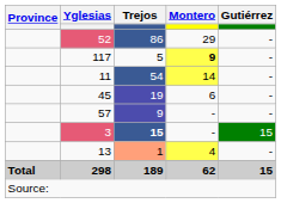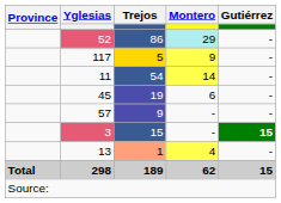 <table class="wikitable sortable" style="text-align:right; font-size:95%">
 <tr>
 <th rowspan=2><a href='#'>Province</a></th>
 <th width=60px><a href='#'>Yglesias</a></th>
 <th width=60px>Trejos</th>
 <th width=60px><a href='#'>Montero</a></th>
 <th width=60px>Gutiérrez</th>
 </tr>
 <tr>
 <th style="background:"></th>
 <th style="background:#3A5A94"></th>
 <th style="background:#FFFF00"></th>
 <th style="background:#008000"></th>
 </tr>
 <tr>
 <td align="left"></td>
 <td style="background:#e65a76; color:white;">52</td>
 <td style="background:#3A5A94; color:white;">86</td>
-<td>29</td>
+<td style="background: paleturquoise;">29</td>
 <td>-</td>
 </tr>
 <tr>
 <td align="left"></td>
 <td style="background:">117</td>
-<td>5</td>
-<td style="background:#ffff4c; color:black;"><strong>9</strong></td>
+<td style="background: gold;">5</td>
+<td style="background:#ffff4c; color:black;">9</td>
 <td>-</td>
 </tr>
 <tr>
 <td align="left"></td>
 <td>11</td>
 <td style="background:#3A5A94; color:white;">54</td>
 <td style="background:#ffff4c; color:black;">14</td>
 <td>-</td>
 </tr>
 <tr>
 <td align="left"></td>
 <td style="background:">45</td>
 <td style="background:#4c4cad; color:white;">19</td>
 <td>6</td>
 <td>-</td>
 </tr>
 <tr>
 <td align="left"></td>
 <td style="background:">57</td>
 <td style="background:#4c4cad; color:white;">9</td>
 <td>-</td>
 <td>-</td>
 </tr>
 <tr>
 <td align="left"></td>
 <td style="background:#e65a76; color:white;">3</td>
-<td style="background:#3A5A94; color:white;"><strong>15</strong></td>
+<td style="background:#3A5A94; color:white;">15</td>
 <td>-</td>
-<td style="background:#008000; color:white;">15</td>
+<td style="background:#008000; color:white;"><strong>15</strong></td>
 </tr>
 <tr>
 <td align="left"></td>
 <td style="background:">13</td>
 <td style="background: lightsalmon;">1</td>
 <td style="background:#ffff4c; color:black;">4</td>
 <td>-</td>
 </tr>
 <tr style="background:#CDCDCD;" class=sortbottom>
 <td align="left"><strong>Total</strong></td>
 <td style="background:"><strong>298</strong></td>
 <td><strong>189</strong></td>
 <td><strong>62</strong></td>
 <td><strong>15</strong></td>
 </tr>
 <tr class=sortbottom>
 <td align=left colspan=11>Source: </td>
 </tr>
 </table>
